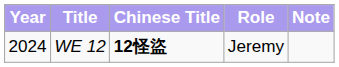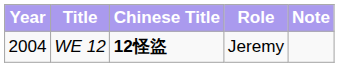 <table class="wikitable">
 <tr>
 <th style="background: #aa9aee; color: white;">Year</th>
 <th style="background: #aa9aee; color: white;">Title</th>
 <th style="background: #aa9aee; color: white;">Chinese Title</th>
 <th style="background: #aa9aee; color: white;">Role</th>
 <th style="background: #aa9aee; color: white;">Note</th>
 </tr>
 <tr>
-<td>2024</td>
+<td>2004</td>
 <td><em>WE 12</em></td>
 <td><strong>12怪盜</strong></td>
 <td>Jeremy</td>
 <td></td>
 </tr>
 </table>
